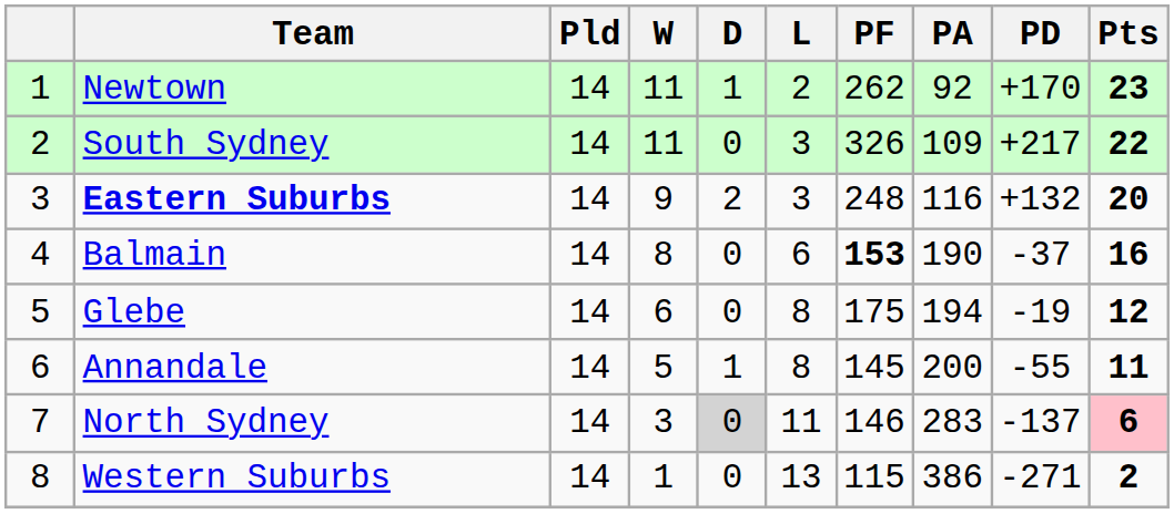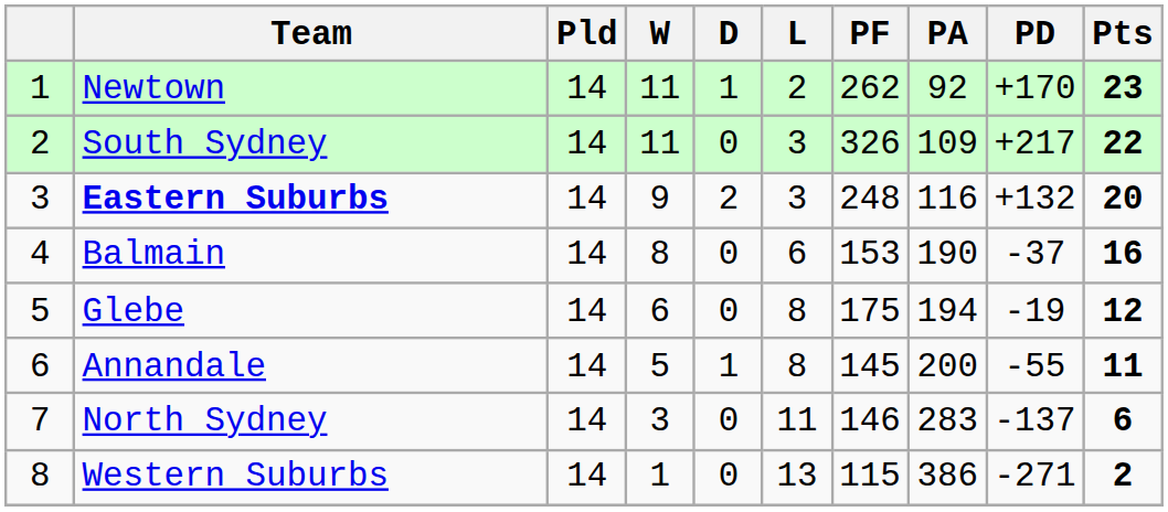 <table class="wikitable" style="text-align:center;">
 <tr>
 <th width=20 abbr="Position×"></th>
 <th width=175>Team</th>
 <th width=20 abbr="Played">Pld</th>
 <th width=20 abbr="Won">W</th>
 <th width=20 abbr="Drawn">D</th>
 <th width=20 abbr="Lost">L</th>
 <th width=20 abbr="Points for">PF</th>
 <th width=20 abbr="Points against">PA</th>
 <th width=20 abbr="Points difference">PD</th>
 <th width=20 abbr="Points">Pts</th>
 </tr>
 <tr style="background: #ccffcc;">
 <td>1</td>
 <td style="text-align:left;"> <a href='#'>Newtown</a></td>
 <td>14</td>
 <td>11</td>
 <td>1</td>
 <td>2</td>
 <td>262</td>
 <td>92</td>
 <td>+170</td>
 <td><strong>23</strong></td>
 </tr>
 <tr style="background: #ccffcc;">
 <td>2</td>
 <td style="text-align:left;"> <a href='#'>South Sydney</a></td>
 <td>14</td>
 <td>11</td>
 <td>0</td>
 <td>3</td>
 <td>326</td>
 <td>109</td>
 <td>+217</td>
 <td><strong>22</strong></td>
 </tr>
 <tr>
 <td>3</td>
 <td style="text-align:left;"> <strong><a href='#'>Eastern Suburbs</a></strong></td>
 <td>14</td>
 <td>9</td>
 <td>2</td>
 <td>3</td>
 <td>248</td>
 <td>116</td>
 <td>+132</td>
 <td><strong>20</strong></td>
 </tr>
 <tr>
 <td>4</td>
 <td style="text-align:left;"> <a href='#'>Balmain</a></td>
 <td>14</td>
 <td>8</td>
 <td>0</td>
 <td>6</td>
-<td><strong>153</strong></td>
+<td>153</td>
 <td>190</td>
 <td>-37</td>
 <td><strong>16</strong></td>
 </tr>
 <tr>
 <td>5</td>
 <td style="text-align:left;"> <a href='#'>Glebe</a></td>
 <td>14</td>
 <td>6</td>
 <td>0</td>
 <td>8</td>
 <td>175</td>
 <td>194</td>
 <td>-19</td>
 <td><strong>12</strong></td>
 </tr>
 <tr>
 <td>6</td>
 <td style="text-align:left;"> <a href='#'>Annandale</a></td>
 <td>14</td>
 <td>5</td>
 <td>1</td>
 <td>8</td>
 <td>145</td>
 <td>200</td>
 <td>-55</td>
 <td><strong>11</strong></td>
 </tr>
 <tr>
 <td>7</td>
 <td style="text-align:left;"> <a href='#'>North Sydney</a></td>
 <td>14</td>
 <td>3</td>
-<td style="background: lightgrey;">0</td>
+<td>0</td>
 <td>11</td>
 <td>146</td>
 <td>283</td>
 <td>-137</td>
-<td style="background: pink;"><strong>6</strong></td>
+<td><strong>6</strong></td>
 </tr>
 <tr>
 <td>8</td>
 <td style="text-align:left;"> <a href='#'>Western Suburbs</a></td>
 <td>14</td>
 <td>1</td>
 <td>0</td>
 <td>13</td>
 <td>115</td>
 <td>386</td>
 <td>-271</td>
 <td><strong>2</strong></td>
 </tr>
 <tr>
 </tr>
 </table>
